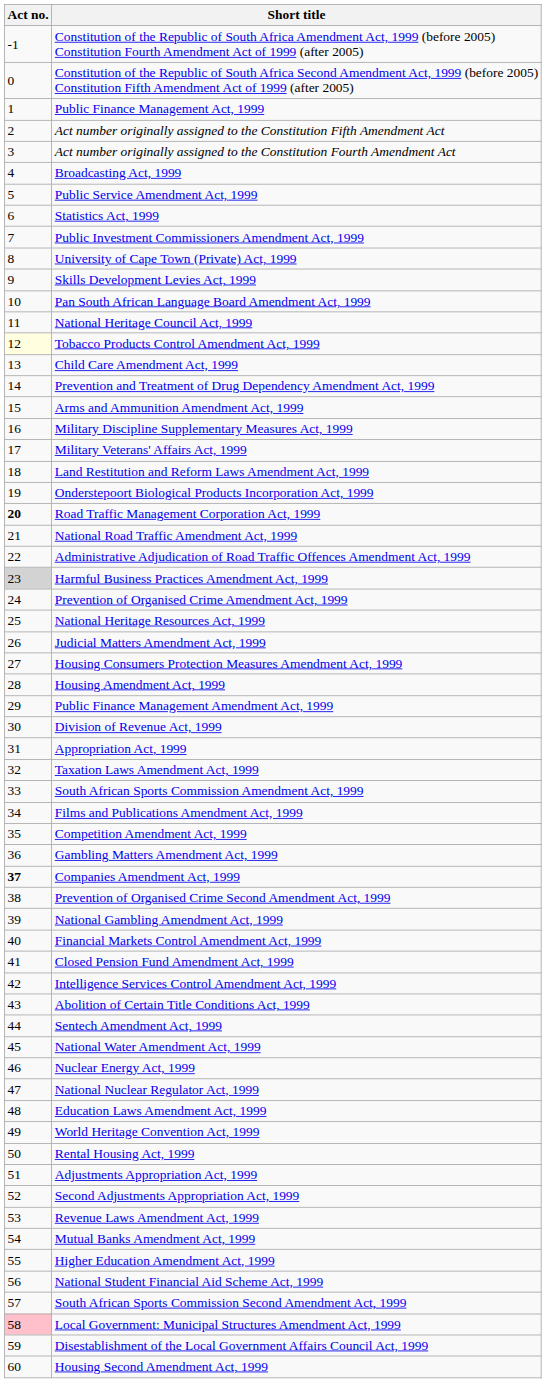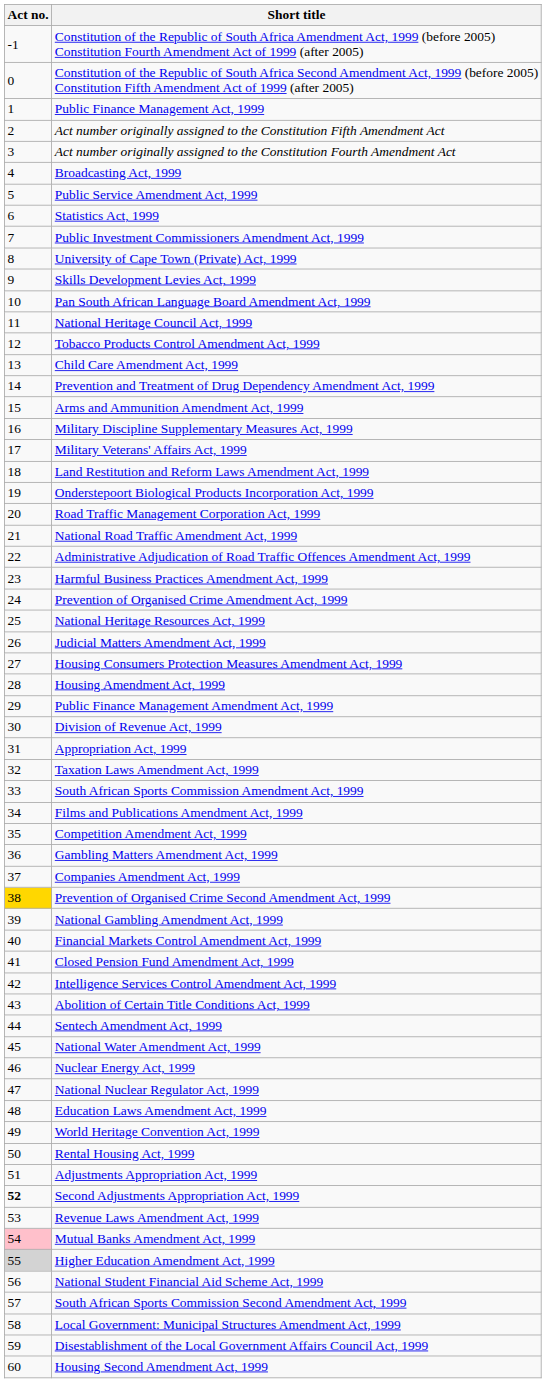 <table class="wikitable sortable">
 <tr>
 <th>Act no.</th>
 <th>Short title</th>
 </tr>
 <tr>
 <td><span>-1</span></td>
 <td><a href='#'>Constitution of the Republic of South Africa Amendment Act, 1999</a> (before 2005) <br><a href='#'>Constitution Fourth Amendment Act of 1999</a> (after 2005)</td>
 </tr>
 <tr>
 <td><span>0</span></td>
 <td><a href='#'>Constitution of the Republic of South Africa Second Amendment Act, 1999</a> (before 2005) <br><a href='#'>Constitution Fifth Amendment Act of 1999</a> (after 2005)</td>
 </tr>
 <tr>
 <td>1</td>
 <td><a href='#'>Public Finance Management Act, 1999</a></td>
 </tr>
 <tr>
 <td>2</td>
 <td><em>Act number originally assigned to the Constitution Fifth Amendment Act</em></td>
 </tr>
 <tr>
 <td>3</td>
 <td><em>Act number originally assigned to the Constitution Fourth Amendment Act</em></td>
 </tr>
 <tr>
 <td>4</td>
 <td><a href='#'>Broadcasting Act, 1999</a></td>
 </tr>
 <tr>
 <td>5</td>
 <td><a href='#'>Public Service Amendment Act, 1999</a></td>
 </tr>
 <tr>
 <td>6</td>
 <td><a href='#'>Statistics Act, 1999</a></td>
 </tr>
 <tr>
 <td>7</td>
 <td><a href='#'>Public Investment Commissioners Amendment Act, 1999</a></td>
 </tr>
 <tr>
 <td>8</td>
 <td><a href='#'>University of Cape Town (Private) Act, 1999</a></td>
 </tr>
 <tr>
 <td>9</td>
 <td><a href='#'>Skills Development Levies Act, 1999</a></td>
 </tr>
 <tr>
 <td>10</td>
 <td><a href='#'>Pan South African Language Board Amendment Act, 1999</a></td>
 </tr>
 <tr>
 <td>11</td>
 <td><a href='#'>National Heritage Council Act, 1999</a></td>
 </tr>
 <tr>
-<td style="background: lightyellow;">12</td>
+<td>12</td>
 <td><a href='#'>Tobacco Products Control Amendment Act, 1999</a></td>
 </tr>
 <tr>
 <td>13</td>
 <td><a href='#'>Child Care Amendment Act, 1999</a></td>
 </tr>
 <tr>
 <td>14</td>
 <td><a href='#'>Prevention and Treatment of Drug Dependency Amendment Act, 1999</a></td>
 </tr>
 <tr>
 <td>15</td>
 <td><a href='#'>Arms and Ammunition Amendment Act, 1999</a></td>
 </tr>
 <tr>
 <td>16</td>
 <td><a href='#'>Military Discipline Supplementary Measures Act, 1999</a></td>
 </tr>
 <tr>
 <td>17</td>
 <td><a href='#'>Military Veterans' Affairs Act, 1999</a></td>
 </tr>
 <tr>
 <td>18</td>
 <td><a href='#'>Land Restitution and Reform Laws Amendment Act, 1999</a></td>
 </tr>
 <tr>
 <td>19</td>
 <td><a href='#'>Onderstepoort Biological Products Incorporation Act, 1999</a></td>
 </tr>
 <tr>
-<td><strong>20</strong></td>
+<td>20</td>
 <td><a href='#'>Road Traffic Management Corporation Act, 1999</a></td>
 </tr>
 <tr>
 <td>21</td>
 <td><a href='#'>National Road Traffic Amendment Act, 1999</a></td>
 </tr>
 <tr>
 <td>22</td>
 <td><a href='#'>Administrative Adjudication of Road Traffic Offences Amendment Act, 1999</a></td>
 </tr>
 <tr>
-<td style="background: lightgrey;">23</td>
+<td>23</td>
 <td><a href='#'>Harmful Business Practices Amendment Act, 1999</a></td>
 </tr>
 <tr>
 <td>24</td>
 <td><a href='#'>Prevention of Organised Crime Amendment Act, 1999</a></td>
 </tr>
 <tr>
 <td>25</td>
 <td><a href='#'>National Heritage Resources Act, 1999</a></td>
 </tr>
 <tr>
 <td>26</td>
 <td><a href='#'>Judicial Matters Amendment Act, 1999</a></td>
 </tr>
 <tr>
 <td>27</td>
 <td><a href='#'>Housing Consumers Protection Measures Amendment Act, 1999</a></td>
 </tr>
 <tr>
 <td>28</td>
 <td><a href='#'>Housing Amendment Act, 1999</a></td>
 </tr>
 <tr>
 <td>29</td>
 <td><a href='#'>Public Finance Management Amendment Act, 1999</a></td>
 </tr>
 <tr>
 <td>30</td>
 <td><a href='#'>Division of Revenue Act, 1999</a></td>
 </tr>
 <tr>
 <td>31</td>
 <td><a href='#'>Appropriation Act, 1999</a></td>
 </tr>
 <tr>
 <td>32</td>
 <td><a href='#'>Taxation Laws Amendment Act, 1999</a></td>
 </tr>
 <tr>
 <td>33</td>
 <td><a href='#'>South African Sports Commission Amendment Act, 1999</a></td>
 </tr>
 <tr>
 <td>34</td>
 <td><a href='#'>Films and Publications Amendment Act, 1999</a></td>
 </tr>
 <tr>
 <td>35</td>
 <td><a href='#'>Competition Amendment Act, 1999</a></td>
 </tr>
 <tr>
 <td>36</td>
 <td><a href='#'>Gambling Matters Amendment Act, 1999</a></td>
 </tr>
 <tr>
-<td><strong>37</strong></td>
+<td>37</td>
 <td><a href='#'>Companies Amendment Act, 1999</a></td>
 </tr>
 <tr>
-<td>38</td>
+<td style="background: gold;">38</td>
 <td><a href='#'>Prevention of Organised Crime Second Amendment Act, 1999</a></td>
 </tr>
 <tr>
 <td>39</td>
 <td><a href='#'>National Gambling Amendment Act, 1999</a></td>
 </tr>
 <tr>
 <td>40</td>
 <td><a href='#'>Financial Markets Control Amendment Act, 1999</a></td>
 </tr>
 <tr>
 <td>41</td>
 <td><a href='#'>Closed Pension Fund Amendment Act, 1999</a></td>
 </tr>
 <tr>
 <td>42</td>
 <td><a href='#'>Intelligence Services Control Amendment Act, 1999</a></td>
 </tr>
 <tr>
 <td>43</td>
 <td><a href='#'>Abolition of Certain Title Conditions Act, 1999</a></td>
 </tr>
 <tr>
 <td>44</td>
 <td><a href='#'>Sentech Amendment Act, 1999</a></td>
 </tr>
 <tr>
 <td>45</td>
 <td><a href='#'>National Water Amendment Act, 1999</a></td>
 </tr>
 <tr>
 <td>46</td>
 <td><a href='#'>Nuclear Energy Act, 1999</a></td>
 </tr>
 <tr>
 <td>47</td>
 <td><a href='#'>National Nuclear Regulator Act, 1999</a></td>
 </tr>
 <tr>
 <td>48</td>
 <td><a href='#'>Education Laws Amendment Act, 1999</a></td>
 </tr>
 <tr>
 <td>49</td>
 <td><a href='#'>World Heritage Convention Act, 1999</a></td>
 </tr>
 <tr>
 <td>50</td>
 <td><a href='#'>Rental Housing Act, 1999</a></td>
 </tr>
 <tr>
 <td>51</td>
 <td><a href='#'>Adjustments Appropriation Act, 1999</a></td>
 </tr>
 <tr>
-<td>52</td>
+<td><strong>52</strong></td>
 <td><a href='#'>Second Adjustments Appropriation Act, 1999</a></td>
 </tr>
 <tr>
 <td>53</td>
 <td><a href='#'>Revenue Laws Amendment Act, 1999</a></td>
 </tr>
 <tr>
-<td>54</td>
+<td style="background: pink;">54</td>
 <td><a href='#'>Mutual Banks Amendment Act, 1999</a></td>
 </tr>
 <tr>
-<td>55</td>
+<td style="background: lightgrey;">55</td>
 <td><a href='#'>Higher Education Amendment Act, 1999</a></td>
 </tr>
 <tr>
 <td>56</td>
 <td><a href='#'>National Student Financial Aid Scheme Act, 1999</a></td>
 </tr>
 <tr>
 <td>57</td>
 <td><a href='#'>South African Sports Commission Second Amendment Act, 1999</a></td>
 </tr>
 <tr>
-<td style="background: pink;">58</td>
+<td>58</td>
 <td><a href='#'>Local Government: Municipal Structures Amendment Act, 1999</a></td>
 </tr>
 <tr>
 <td>59</td>
 <td><a href='#'>Disestablishment of the Local Government Affairs Council Act, 1999</a></td>
 </tr>
 <tr>
 <td>60</td>
 <td><a href='#'>Housing Second Amendment Act, 1999</a></td>
 </tr>
 </table>
